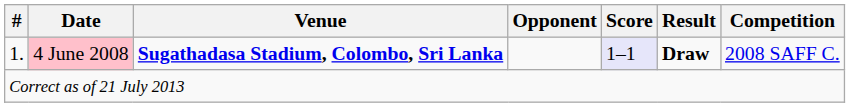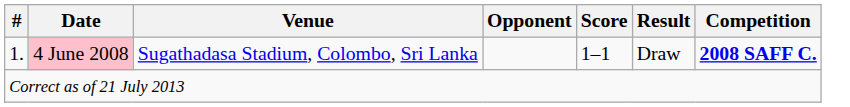 <table class="wikitable" style="font-size:95%;">
 <tr>
 <th>#</th>
 <th>Date</th>
 <th>Venue</th>
 <th>Opponent</th>
 <th>Score</th>
 <th>Result</th>
 <th>Competition</th>
 </tr>
 <tr>
 <td>1.</td>
 <td style="background: pink;">4 June 2008</td>
-<td><strong><a href='#'>Sugathadasa Stadium</a>, <a href='#'>Colombo</a>, <a href='#'>Sri Lanka</a></strong></td>
+<td><a href='#'>Sugathadasa Stadium</a>, <a href='#'>Colombo</a>, <a href='#'>Sri Lanka</a></td>
 <td></td>
-<td style="background: lavender;">1–1</td>
-<td><strong>Draw</strong></td>
-<td><a href='#'>2008 SAFF C.</a></td>
+<td>1–1</td>
+<td>Draw</td>
+<td><strong><a href='#'>2008 SAFF C.</a></strong></td>
 </tr>
 <tr>
 <td colspan="12"><small><em>Correct as of 21 July 2013</em></small></td>
 </tr>
 </table>
